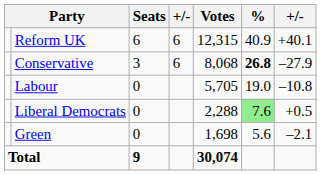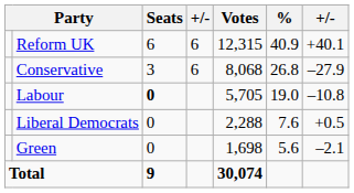 <table class="wikitable sortable">
 <tr>
 <th colspan="2">Party</th>
 <th>Seats</th>
 <th>+/-</th>
 <th>Votes</th>
 <th>%</th>
 <th>+/-</th>
 </tr>
 <tr>
 <td style="background-color: "></td>
 <td><a href='#'>Reform UK</a></td>
 <td>6</td>
 <td> 6</td>
 <td style="text-align:right;">12,315</td>
 <td style="text-align:right;">40.9</td>
 <td style="text-align:right;">+40.1</td>
 </tr>
 <tr>
 <td style="background-color: "></td>
 <td><a href='#'>Conservative</a></td>
 <td>3</td>
 <td> 6</td>
 <td style="text-align:right;">8,068</td>
-<td style="text-align:right;"><strong>26.8</strong></td>
+<td style="text-align:right;">26.8</td>
 <td style="text-align:right;">–27.9</td>
 </tr>
 <tr>
 <td style="background-color: "></td>
 <td><a href='#'>Labour</a></td>
-<td>0</td>
+<td><strong>0</strong></td>
 <td></td>
 <td style="text-align:right;">5,705</td>
 <td style="text-align:right;">19.0</td>
 <td style="text-align:right;">–10.8</td>
 </tr>
 <tr>
 <td style="background-color: "></td>
 <td><a href='#'>Liberal Democrats</a></td>
 <td>0</td>
 <td></td>
 <td style="text-align:right;">2,288</td>
-<td style="background: lightgreen; text-align:right;">7.6</td>
+<td style="text-align:right;">7.6</td>
 <td style="text-align:right;">+0.5</td>
 </tr>
 <tr>
 <td style="background-color: "></td>
 <td><a href='#'>Green</a></td>
 <td>0</td>
 <td></td>
 <td style="text-align:right;">1,698</td>
 <td style="text-align:right;">5.6</td>
 <td style="text-align:right;">–2.1</td>
 </tr>
 <tr>
 <td colspan="2"><strong>Total</strong></td>
 <td><strong>9</strong></td>
 <td></td>
 <td style="text-align:right;"><strong>30,074</strong></td>
 <td style="text-align:right;"></td>
 <td style="text-align:right;"></td>
 </tr>
 </table>
